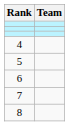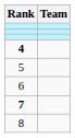 <table class="wikitable">
 <tr>
 <th>Rank</th>
 <th>Team</th>
 </tr>
 <tr bgcolor=bbf3ff>
 <td align=center></td>
 <td></td>
 </tr>
 <tr bgcolor=bbf3ff>
 <td align=center></td>
 <td></td>
 </tr>
 <tr bgcolor=bbf3ff>
 <td align=center></td>
 <td></td>
 </tr>
 <tr>
-<td align=center>4</td>
+<td align=center><strong>4</strong></td>
 <td></td>
 </tr>
 <tr>
 <td align=center>5</td>
 <td></td>
 </tr>
 <tr>
 <td align=center>6</td>
 <td></td>
 </tr>
 <tr>
-<td align=center>7</td>
+<td align=center><strong>7</strong></td>
 <td></td>
 </tr>
 <tr>
 <td align=center>8</td>
 <td></td>
 </tr>
 </table>
